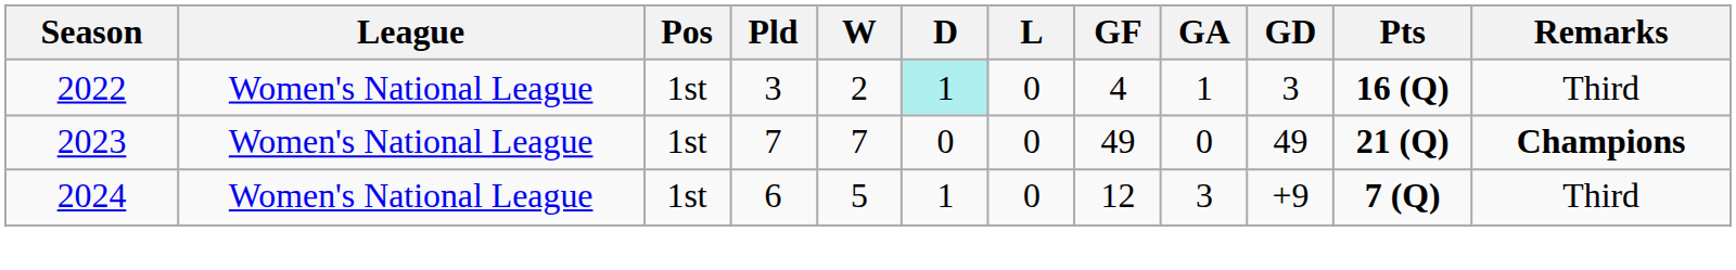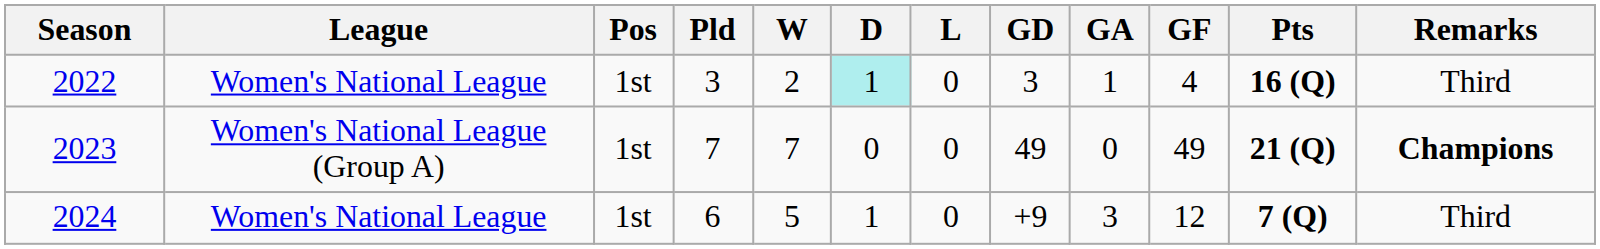 <table class="wikitable" style="width:50em; text-align:center; ">
 <tr>
 <th style="width:10%;">Season</th>
 <th style="width:27%;">League</th>
 <th style="width:5%;">Pos</th>
 <th style="width:5%;">Pld</th>
 <th style="width:5%;">W</th>
 <th style="width:5%;">D</th>
 <th style="width:5%;">L</th>
+<th style="width:5%;">GD</th>
+<th style="width:5%;">GA</th>
 <th style="width:5%;">GF</th>
-<th style="width:5%;">GA</th>
-<th style="width:5%;">GD</th>
 <th style="width:8%;">Pts</th>
 <th style="width:15%;">Remarks</th>
 </tr>
 <tr>
 <td><a href='#'>2022</a></td>
 <td><a href='#'>Women's National League</a></td>
 <td>1st</td>
 <td>3</td>
 <td>2</td>
 <td style="background: paleturquoise;">1</td>
 <td>0</td>
+<td>3</td>
+<td>1</td>
 <td>4</td>
-<td>1</td>
-<td>3</td>
 <td><strong>16 (Q)</strong></td>
 <td>Third</td>
 </tr>
 <tr>
 <td><a href='#'>2023</a></td>
-<td><a href='#'>Women's National League</a></td>
+<td><a href='#'>Women's National League</a><br>(Group A)</td>
 <td>1st</td>
 <td>7</td>
 <td>7</td>
 <td>0</td>
 <td>0</td>
 <td>49</td>
 <td>0</td>
 <td>49</td>
 <td><strong>21 (Q)</strong></td>
 <td><strong>Champions</strong></td>
 </tr>
 <tr>
 <td><a href='#'>2024</a></td>
 <td><a href='#'>Women's National League</a></td>
 <td>1st</td>
 <td>6</td>
 <td>5</td>
 <td>1</td>
 <td>0</td>
+<td>+9</td>
+<td>3</td>
 <td>12</td>
-<td>3</td>
-<td>+9</td>
 <td><strong>7 (Q)</strong></td>
 <td>Third</td>
 </tr>
 </table>
